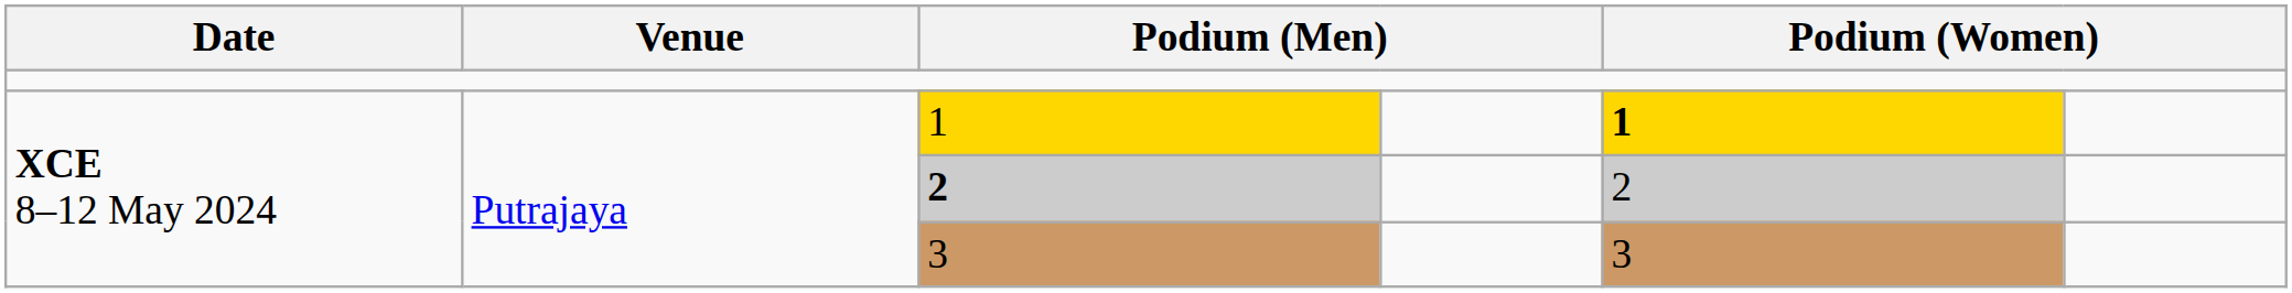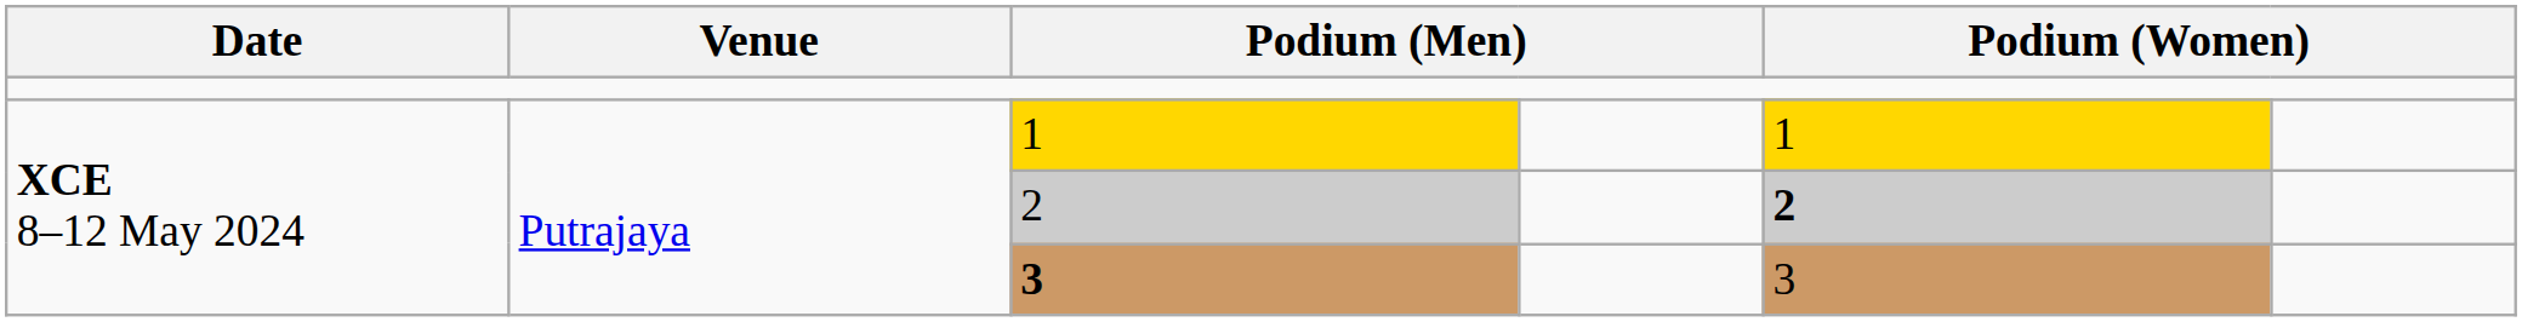 <table class="wikitable" width=70%>
 <tr>
 <th>Date</th>
 <th width=20%>Venue</th>
 <th colspan=2 width=30%>Podium (Men)</th>
 <th colspan=2 width=30%>Podium (Women)</th>
 </tr>
 <tr>
 <td colspan=6></td>
 </tr>
 <tr>
 <td rowspan=3><strong>XCE</strong> <br> 8–12 May 2024</td>
 <td rowspan=3><br><a href='#'>Putrajaya</a></td>
 <td bgcolor=FFD700>1</td>
 <td></td>
-<td bgcolor=FFD700><strong>1</strong></td>
+<td bgcolor=FFD700>1</td>
 <td></td>
 </tr>
 <tr>
+<td bgcolor=CCCCCC>2</td>
+<td></td>
 <td bgcolor=CCCCCC><strong>2</strong></td>
-<td></td>
-<td bgcolor=CCCCCC>2</td>
 <td></td>
 </tr>
 <tr>
-<td bgcolor=CC9966>3</td>
+<td bgcolor=CC9966><strong>3</strong></td>
 <td></td>
 <td bgcolor=CC9966>3</td>
 <td></td>
 </tr>
 </table>
